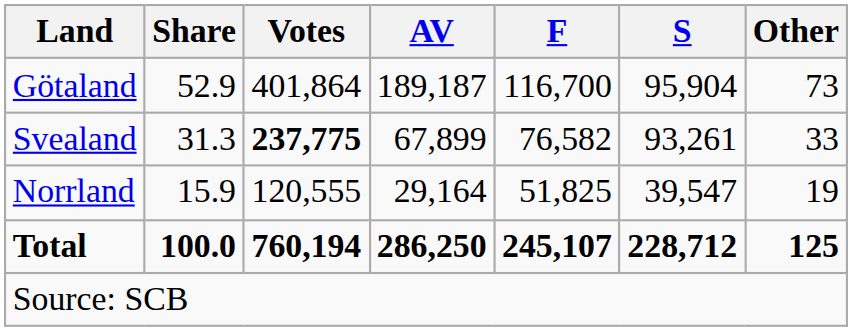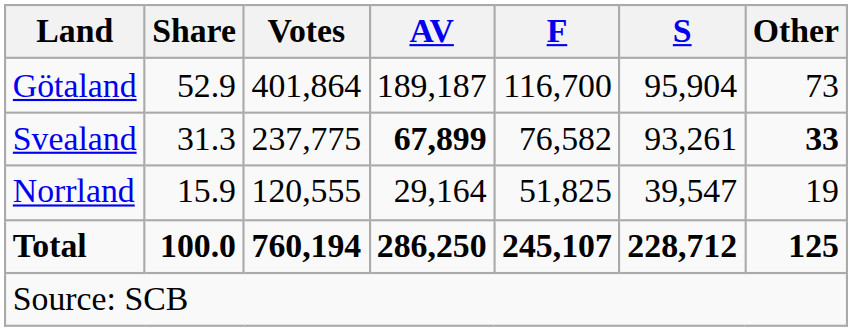 <table class="wikitable sortable" style=text-align:right>
 <tr>
 <th>Land</th>
 <th>Share</th>
 <th>Votes</th>
 <th><a href='#'>AV</a></th>
 <th><a href='#'>F</a></th>
 <th><a href='#'>S</a></th>
 <th>Other</th>
 </tr>
 <tr>
 <td align=left><a href='#'>Götaland</a></td>
 <td>52.9</td>
 <td>401,864</td>
 <td>189,187</td>
 <td>116,700</td>
 <td>95,904</td>
 <td>73</td>
 </tr>
 <tr>
 <td align=left><a href='#'>Svealand</a></td>
 <td>31.3</td>
-<td><strong>237,775</strong></td>
-<td>67,899</td>
+<td>237,775</td>
+<td><strong>67,899</strong></td>
 <td>76,582</td>
 <td>93,261</td>
-<td>33</td>
+<td><strong>33</strong></td>
 </tr>
 <tr>
 <td align=left><a href='#'>Norrland</a></td>
 <td>15.9</td>
 <td>120,555</td>
 <td>29,164</td>
 <td>51,825</td>
 <td>39,547</td>
 <td>19</td>
 </tr>
 <tr>
 <td align=left><strong>Total</strong></td>
 <td><strong>100.0</strong></td>
 <td><strong>760,194</strong></td>
 <td><strong>286,250</strong></td>
 <td><strong>245,107</strong></td>
 <td><strong>228,712</strong></td>
 <td><strong>125</strong></td>
 </tr>
 <tr>
 <td align=left colspan=7>Source: SCB </td>
 </tr>
 </table>
